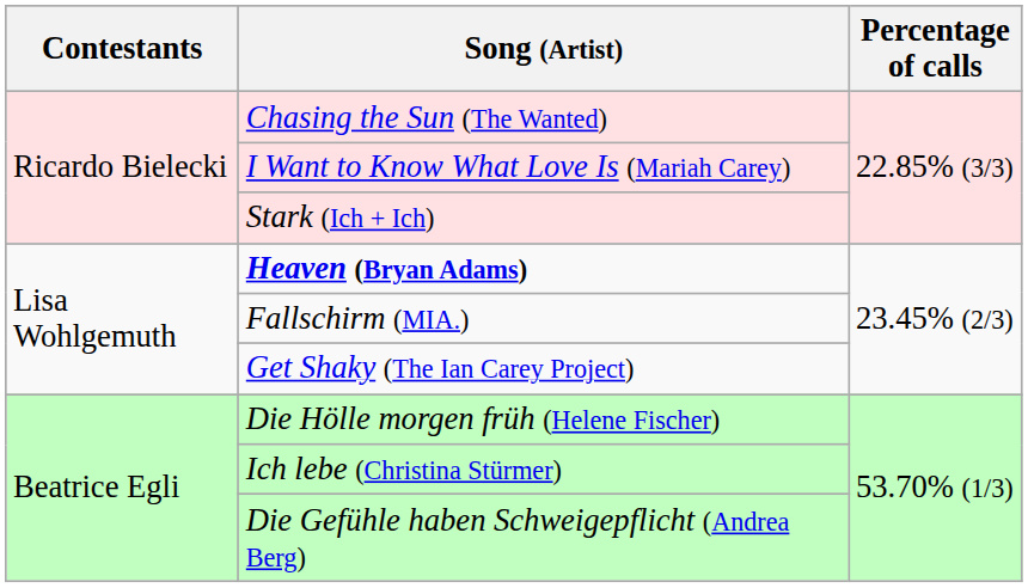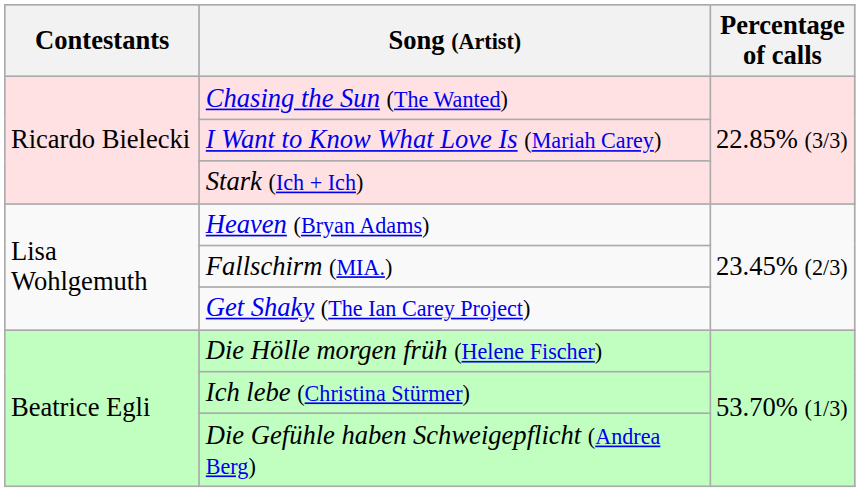 <table class="wikitable">
 <tr>
 <th style="width:110px;">Contestants</th>
 <th style="width:300px;">Song <small>(Artist)</small></th>
 <th style="width:80px;">Percentage of calls</th>
 </tr>
 <tr bgcolor="#FFE1E4">
 <td align="left" rowspan=3>Ricardo Bielecki</td>
 <td align="left"><em><a href='#'>Chasing the Sun</a></em> <small>(<a href='#'>The Wanted</a>)</small></td>
 <td rowspan=3>22.85% <small>(3/3)</small></td>
 </tr>
 <tr bgcolor="#FFE1E4">
 <td align="left"><em><a href='#'>I Want to Know What Love Is</a></em> <small>(<a href='#'>Mariah Carey</a>)</small></td>
 </tr>
 <tr bgcolor="#FFE1E4">
 <td align="left"><em>Stark</em> <small>(<a href='#'>Ich + Ich</a>)</small></td>
 </tr>
 <tr>
 <td align="left" rowspan=3>Lisa Wohlgemuth</td>
-<td align="left"><strong><em><a href='#'>Heaven</a></em> <small>(<a href='#'>Bryan Adams</a>)</small></strong></td>
+<td align="left"><em><a href='#'>Heaven</a></em> <small>(<a href='#'>Bryan Adams</a>)</small></td>
 <td rowspan=3>23.45% <small>(2/3)</small></td>
 </tr>
 <tr>
 <td align="left"><em>Fallschirm</em> <small>(<a href='#'>MIA.</a>)</small></td>
 </tr>
 <tr>
 <td align="left"><em><a href='#'>Get Shaky</a></em> <small>(<a href='#'>The Ian Carey Project</a>)</small></td>
 </tr>
 <tr style="background:#c1ffc1;">
 <td align="left" rowspan=3>Beatrice Egli</td>
 <td align="left"><em>Die Hölle morgen früh</em> <small>(<a href='#'>Helene Fischer</a>)</small></td>
 <td rowspan=3>53.70% <small>(1/3)</small></td>
 </tr>
 <tr style="background:#c1ffc1;">
 <td align="left"><em>Ich lebe</em> <small>(<a href='#'>Christina Stürmer</a>)</small></td>
 </tr>
 <tr style="background:#c1ffc1;">
 <td align="left"><em>Die Gefühle haben Schweigepflicht</em> <small>(<a href='#'>Andrea Berg</a>)</small></td>
 </tr>
 </table>
